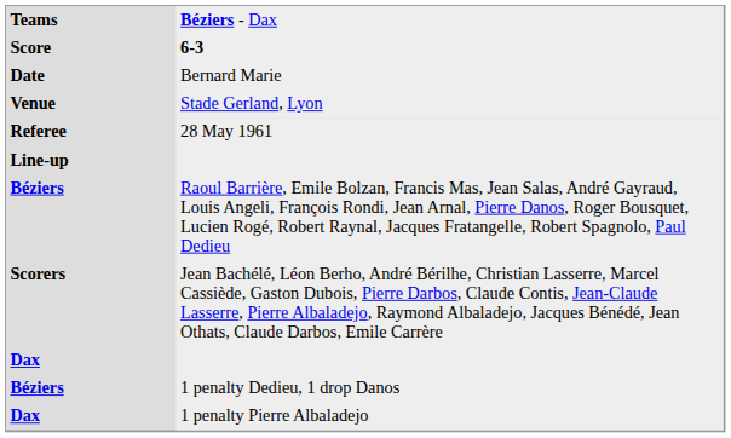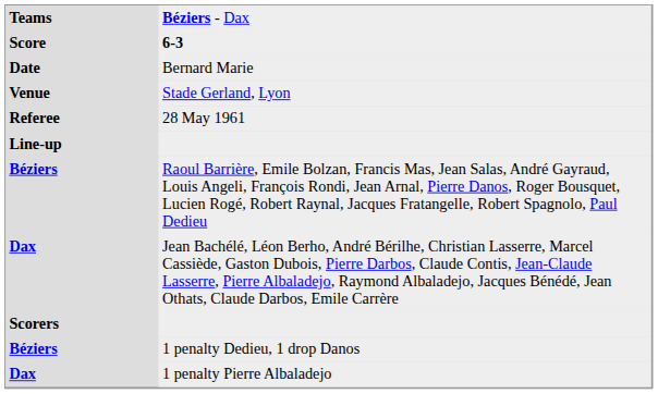 <table align="left" cellpadding="4" cellspacing="0"  style="margin: 0 0 0 0; border: 1px solid #999; border-right-width: 2px; border-bottom-width: 2px; background-color: #DDDDDD">
 <tr>
 <td width="150" valign="top"><strong>Teams</strong></td>
 <td width="500" bgcolor=#EEEEEE><strong><a href='#'>Béziers</a> </strong> - <a href='#'>Dax</a></td>
 </tr>
 <tr>
 <td valign="top"><strong>Score</strong></td>
 <td bgcolor=#EEEEEE><strong>6-3</strong></td>
 </tr>
 <tr>
 <td valign="top"><strong>Date</strong></td>
 <td bgcolor=#EEEEEE>Bernard Marie</td>
 </tr>
 <tr>
 <td valign="top"><strong>Venue</strong></td>
 <td bgcolor=#EEEEEE><a href='#'>Stade Gerland</a>, <a href='#'>Lyon</a></td>
 </tr>
 <tr>
 <td valign="top"><strong>Referee</strong></td>
 <td bgcolor=#EEEEEE>28 May 1961</td>
 </tr>
 <tr>
 <td valign="top"><strong>Line-up</strong></td>
 <td bgcolor=#EEEEEE></td>
 </tr>
 <tr>
 <td valign="top"><strong> <a href='#'>Béziers</a> </strong></td>
 <td bgcolor=#EEEEEE><a href='#'>Raoul Barrière</a>, Emile Bolzan, Francis Mas, Jean Salas, André Gayraud, Louis Angeli, François Rondi, Jean Arnal, <a href='#'>Pierre Danos</a>, Roger Bousquet, Lucien Rogé, Robert Raynal, Jacques Fratangelle, Robert Spagnolo, <a href='#'>Paul Dedieu</a></td>
 </tr>
 <tr>
-<td valign="top"><strong>Scorers</strong></td>
+<td valign="top"><strong><a href='#'>Dax</a></strong></td>
 <td bgcolor=#EEEEEE>Jean Bachélé, Léon Berho, André Bérilhe, Christian Lasserre, Marcel Cassiède, Gaston Dubois, <a href='#'>Pierre Darbos</a>, Claude Contis, <a href='#'>Jean-Claude Lasserre</a>, <a href='#'>Pierre Albaladejo</a>, Raymond Albaladejo, Jacques Bénédé, Jean Othats, Claude Darbos, Emile Carrère</td>
 </tr>
 <tr>
-<td valign="top"><strong><a href='#'>Dax</a></strong></td>
+<td valign="top"><strong>Scorers</strong></td>
 <td bgcolor=#EEEEEE></td>
 </tr>
 <tr>
 <td valign="top"><strong><a href='#'>Béziers</a>  </strong></td>
 <td bgcolor=#EEEEEE>1 penalty Dedieu, 1 drop Danos</td>
 </tr>
 <tr>
 <td valign="top"><strong><a href='#'>Dax</a></strong></td>
 <td bgcolor=#EEEEEE>1 penalty Pierre Albaladejo</td>
 </tr>
 </table>
